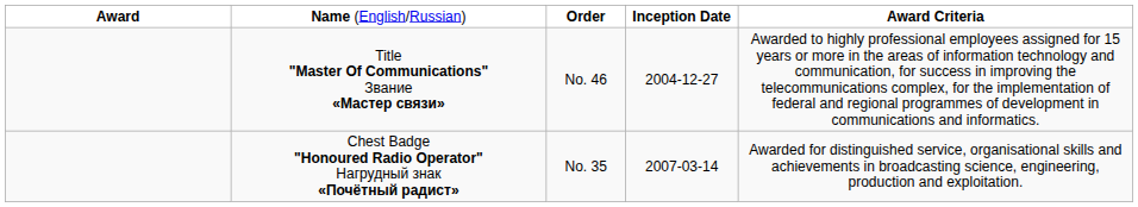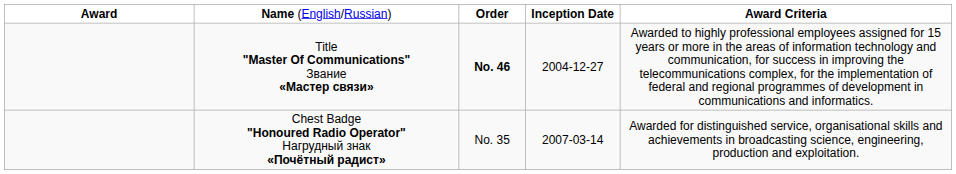 <table class="wikitable sortable" width="100%">
 <tr>
 <td width="20%" bgcolor="#FFFFFF" style="text-align:center;"><strong>Award</strong></td>
 <td width="28%" bgcolor="#FFFFFF" style="text-align:center;"><strong>Name</strong> (<a href='#'>English</a>/<a href='#'>Russian</a>)</td>
 <td width="07%" bgcolor="#FFFFFF" style="text-align:center;"><strong>Order</strong></td>
 <td width="10%" bgcolor="#FFFFFF" style="text-align:center;"><strong>Inception Date</strong></td>
 <td width="35%" bgcolor="#FFFFFF" style="text-align:center;"><strong>Award Criteria</strong></td>
 </tr>
 <tr>
 <td></td>
 <td style="text-align:center;">Title<br><strong>"Master Of Communications"</strong><br>Звание<br><strong>«Мастер связи»</strong></td>
-<td style="text-align:center;">No. 46</td>
+<td style="text-align:center;"><strong>No. 46</strong></td>
 <td style="text-align:center;">2004-12-27</td>
 <td style="text-align:center;">Awarded to highly professional employees assigned for 15 years or more in the areas of information technology and communication, for success in improving the telecommunications complex, for the implementation of federal and regional programmes of development in communications and informatics.</td>
 </tr>
 <tr>
 <td></td>
 <td style="text-align:center;">Chest Badge<br><strong>"Honoured Radio Operator"</strong><br>Нагрудный знак<br><strong>«Почётный радист»</strong></td>
 <td style="text-align:center;">No. 35</td>
 <td style="text-align:center;">2007-03-14</td>
 <td style="text-align:center;">Awarded for distinguished service, organisational skills and achievements in broadcasting science, engineering, production and exploitation.</td>
 </tr>
 </table>
